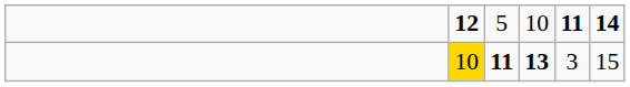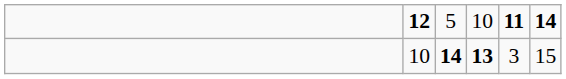 <table class="wikitable">
 <tr>
 <td style="width:18em"><strong></strong></td>
 <td align=center style="width:1em"><strong>12</strong></td>
 <td align=center style="width:1em">5</td>
 <td align=center style="width:1em">10</td>
 <td align=center style="width:1em"><strong>11</strong></td>
 <td align=center style="width:1em"><strong>14</strong></td>
 </tr>
 <tr>
 <td style="width:18em"></td>
-<td align=center style="background: gold; width:1em">10</td>
-<td align=center style="width:1em"><strong>11</strong></td>
+<td align=center style="width:1em">10</td>
+<td align=center style="width:1em"><strong>14</strong></td>
 <td align=center style="width:1em"><strong>13</strong></td>
 <td align=center style="width:1em">3</td>
 <td align=center style="width:1em">15</td>
 </tr>
 </table>
